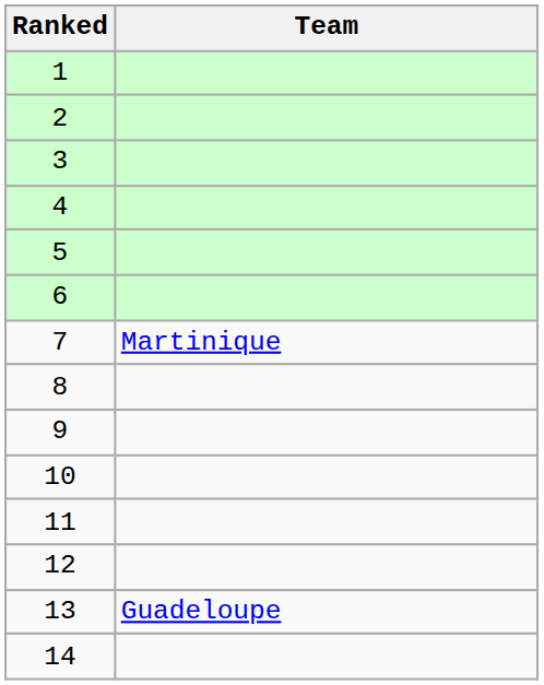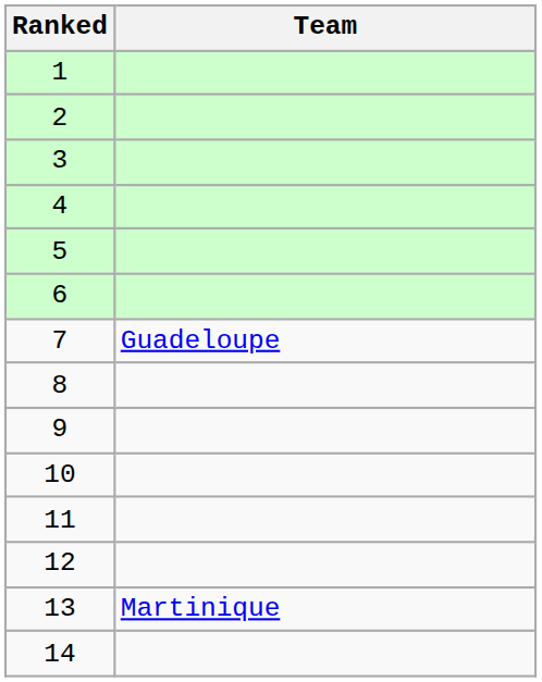 <table class="wikitable" style="text-align:center; font-size:90%">
 <tr>
 <th width=40>Ranked</th>
 <th width=180>Team</th>
 </tr>
 <tr bgcolor="ccffcc">
 <td style="text-align:center">1</td>
 <td style="text-align:left"></td>
 </tr>
 <tr bgcolor="ccffcc">
 <td style="text-align:center">2</td>
 <td style="text-align:left"></td>
 </tr>
 <tr bgcolor="ccffcc">
 <td style="text-align:center">3</td>
 <td style="text-align:left"></td>
 </tr>
 <tr bgcolor="ccffcc">
 <td style="text-align:center">4</td>
 <td style="text-align:left"></td>
 </tr>
 <tr bgcolor="ccffcc">
 <td style="text-align:center">5</td>
 <td style="text-align:left"></td>
 </tr>
 <tr bgcolor="ccffcc">
 <td style="text-align:center">6</td>
 <td style="text-align:left"></td>
 </tr>
 <tr>
 <td style="text-align:center">7</td>
-<td style="text-align:left"> <a href='#'>Martinique</a></td>
+<td style="text-align:left"><a href='#'>Guadeloupe</a></td>
 </tr>
 <tr>
 <td style="text-align:center">8</td>
 <td style="text-align:left"></td>
 </tr>
 <tr>
 <td style="text-align:center">9</td>
 <td style="text-align:left"></td>
 </tr>
 <tr>
 <td style="text-align:center">10</td>
 <td style="text-align:left"></td>
 </tr>
 <tr>
 <td style="text-align:center">11</td>
 <td style="text-align:left"></td>
 </tr>
 <tr>
 <td style="text-align:center">12</td>
 <td style="text-align:left"></td>
 </tr>
 <tr>
 <td style="text-align:center">13</td>
-<td style="text-align:left"><a href='#'>Guadeloupe</a></td>
+<td style="text-align:left"> <a href='#'>Martinique</a></td>
 </tr>
 <tr>
 <td style="text-align:center">14</td>
 <td style="text-align:left"></td>
 </tr>
 </table>
